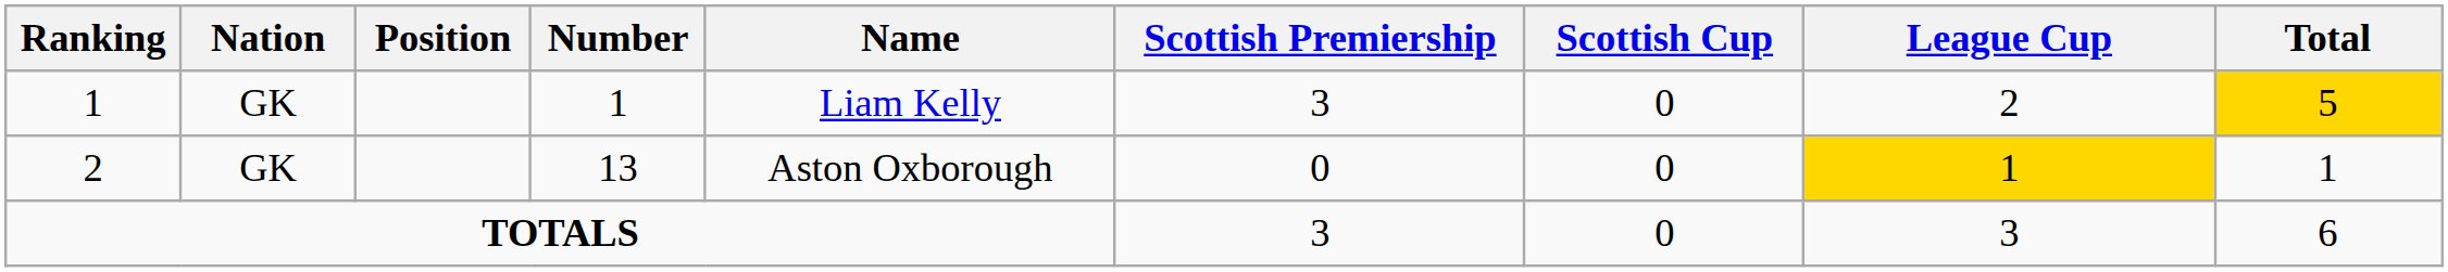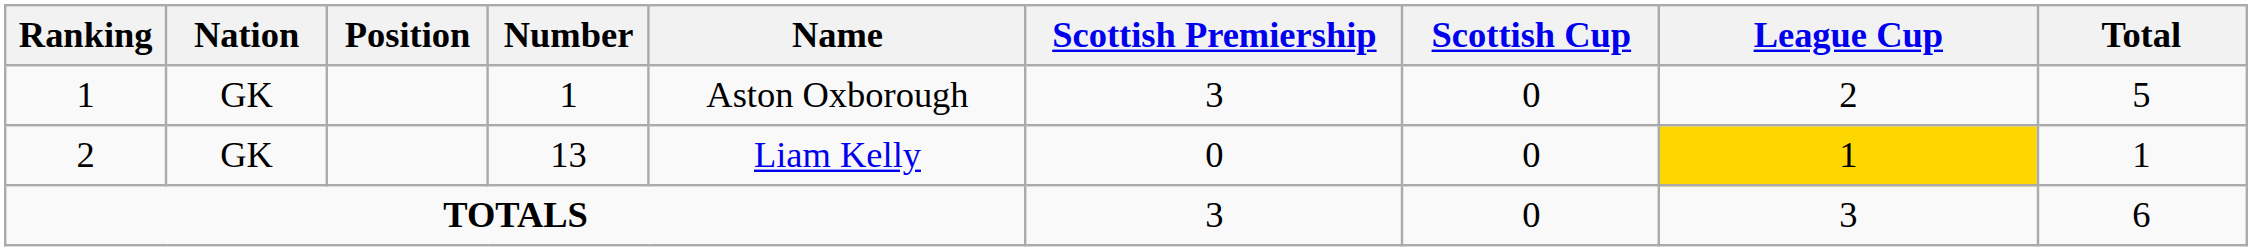 <table class="wikitable" style="font-size: 95%; text-align: center;">
 <tr>
 <th width=60>Ranking</th>
 <th width=60>Nation</th>
 <th width=60>Position</th>
 <th width=60>Number</th>
 <th width=150>Name</th>
 <th width=150><a href='#'>Scottish Premiership</a></th>
 <th width=100><a href='#'>Scottish Cup</a></th>
 <th width=150><a href='#'>League Cup</a></th>
 <th width=80>Total</th>
 </tr>
 <tr>
 <td>1</td>
 <td>GK</td>
 <td></td>
 <td>1</td>
-<td><a href='#'>Liam Kelly</a></td>
+<td>Aston Oxborough</td>
 <td>3</td>
 <td>0</td>
 <td>2</td>
-<td style="background: gold;">5</td>
+<td>5</td>
 </tr>
 <tr>
 <td>2</td>
 <td>GK</td>
 <td></td>
 <td>13</td>
-<td>Aston Oxborough</td>
+<td><a href='#'>Liam Kelly</a></td>
 <td>0</td>
 <td>0</td>
 <td style="background: gold;">1</td>
 <td>1</td>
 </tr>
 <tr>
 <td colspan="5"><strong>TOTALS</strong></td>
 <td>3</td>
 <td>0</td>
 <td>3</td>
 <td>6</td>
 </tr>
 </table>
